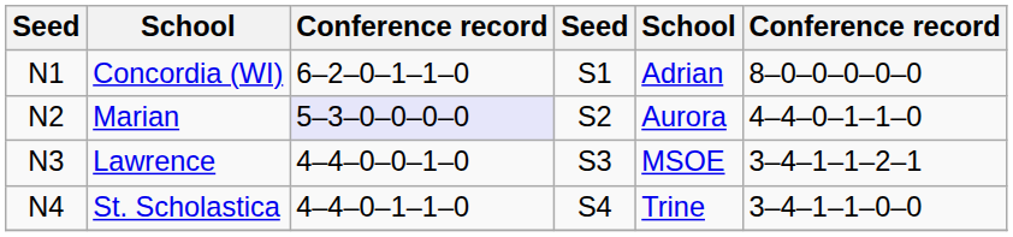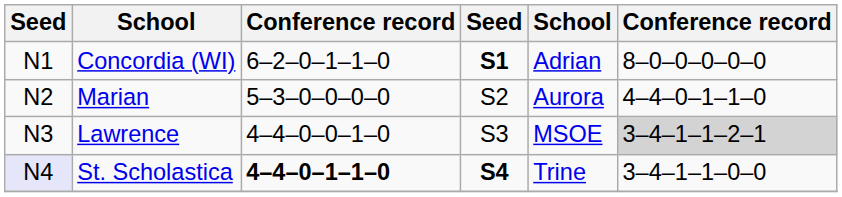 <table class="wikitable">
 <tr>
 <th>Seed</th>
 <th>School</th>
 <th>Conference record</th>
 <th>Seed</th>
 <th>School</th>
 <th>Conference record</th>
 </tr>
 <tr>
 <td align=center>N1</td>
 <td><a href='#'>Concordia (WI)</a></td>
 <td>6–2–0–1–1–0</td>
-<td align=center>S1</td>
+<td align=center><strong>S1</strong></td>
 <td><a href='#'>Adrian</a></td>
 <td>8–0–0–0–0–0</td>
 </tr>
 <tr>
 <td align=center>N2</td>
 <td><a href='#'>Marian</a></td>
-<td style="background: lavender;">5–3–0–0–0–0</td>
+<td>5–3–0–0–0–0</td>
 <td align=center>S2</td>
 <td><a href='#'>Aurora</a></td>
 <td>4–4–0–1–1–0</td>
 </tr>
 <tr>
 <td align=center>N3</td>
 <td><a href='#'>Lawrence</a></td>
 <td>4–4–0–0–1–0</td>
 <td align=center>S3</td>
 <td><a href='#'>MSOE</a></td>
-<td>3–4–1–1–2–1</td>
+<td style="background: lightgrey;">3–4–1–1–2–1</td>
 </tr>
 <tr>
-<td align=center>N4</td>
+<td align=center style="background: lavender;">N4</td>
 <td><a href='#'>St. Scholastica</a></td>
-<td>4–4–0–1–1–0</td>
-<td align=center>S4</td>
+<td><strong>4–4–0–1–1–0</strong></td>
+<td align=center><strong>S4</strong></td>
 <td><a href='#'>Trine</a></td>
 <td>3–4–1–1–0–0</td>
 </tr>
 <tr>
 </tr>
 </table>
